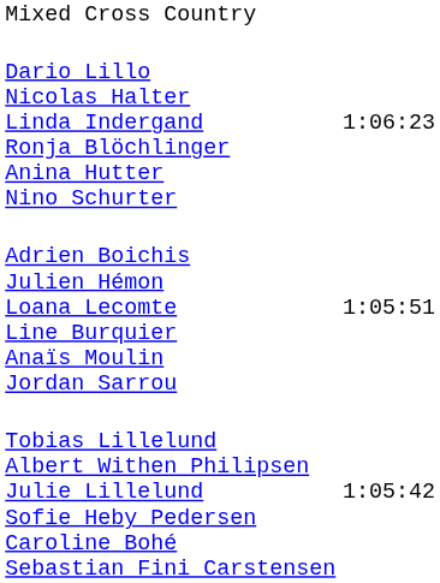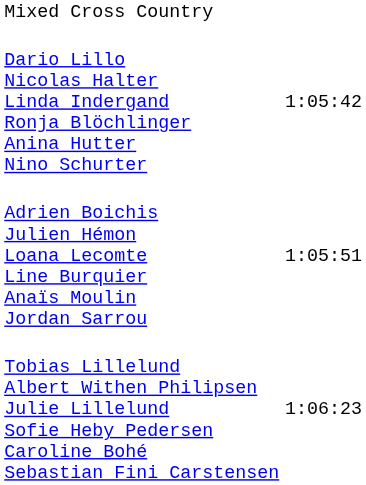 <table>
 <tr>
 <td>Mixed Cross Country</td>
 </tr>
 <tr>
 <td> <br><a href='#'>Dario Lillo</a><br><a href='#'>Nicolas Halter</a><br><a href='#'>Linda Indergand</a><br><a href='#'>Ronja Blöchlinger</a><br><a href='#'>Anina Hutter</a><br><a href='#'>Nino Schurter</a></td>
-<td>1:06:23</td>
+<td>1:05:42</td>
 </tr>
 <tr>
 <td> <br><a href='#'>Adrien Boichis</a><br><a href='#'>Julien Hémon</a><br><a href='#'>Loana Lecomte</a><br><a href='#'>Line Burquier</a><br><a href='#'>Anaïs Moulin</a><br><a href='#'>Jordan Sarrou</a></td>
 <td>1:05:51</td>
 </tr>
 <tr>
 <td> <br><a href='#'>Tobias Lillelund</a><br><a href='#'>Albert Withen Philipsen</a><br><a href='#'>Julie Lillelund</a><br><a href='#'>Sofie Heby Pedersen</a><br><a href='#'>Caroline Bohé</a><br><a href='#'>Sebastian Fini Carstensen</a></td>
-<td>1:05:42</td>
+<td>1:06:23</td>
 </tr>
 </table>
